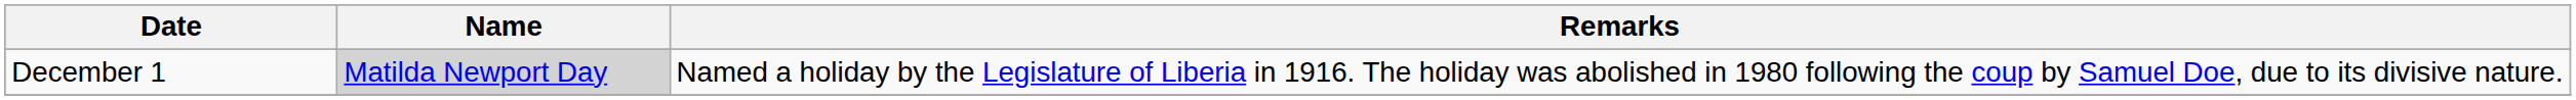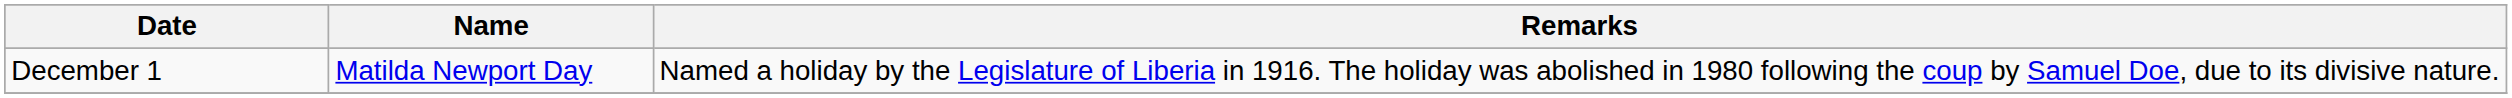 <table class="wikitable">
 <tr>
 <th width=180>Date</th>
 <th width=180>Name</th>
 <th>Remarks</th>
 </tr>
 <tr>
 <td>December 1</td>
-<td style="background: lightgrey;"><a href='#'>Matilda Newport Day</a></td>
+<td><a href='#'>Matilda Newport Day</a></td>
 <td>Named a holiday by the <a href='#'>Legislature of Liberia</a> in 1916. The holiday was abolished in 1980 following the <a href='#'>coup</a> by <a href='#'>Samuel Doe</a>, due to its divisive nature.</td>
 </tr>
 <tr>
 </tr>
 </table>
